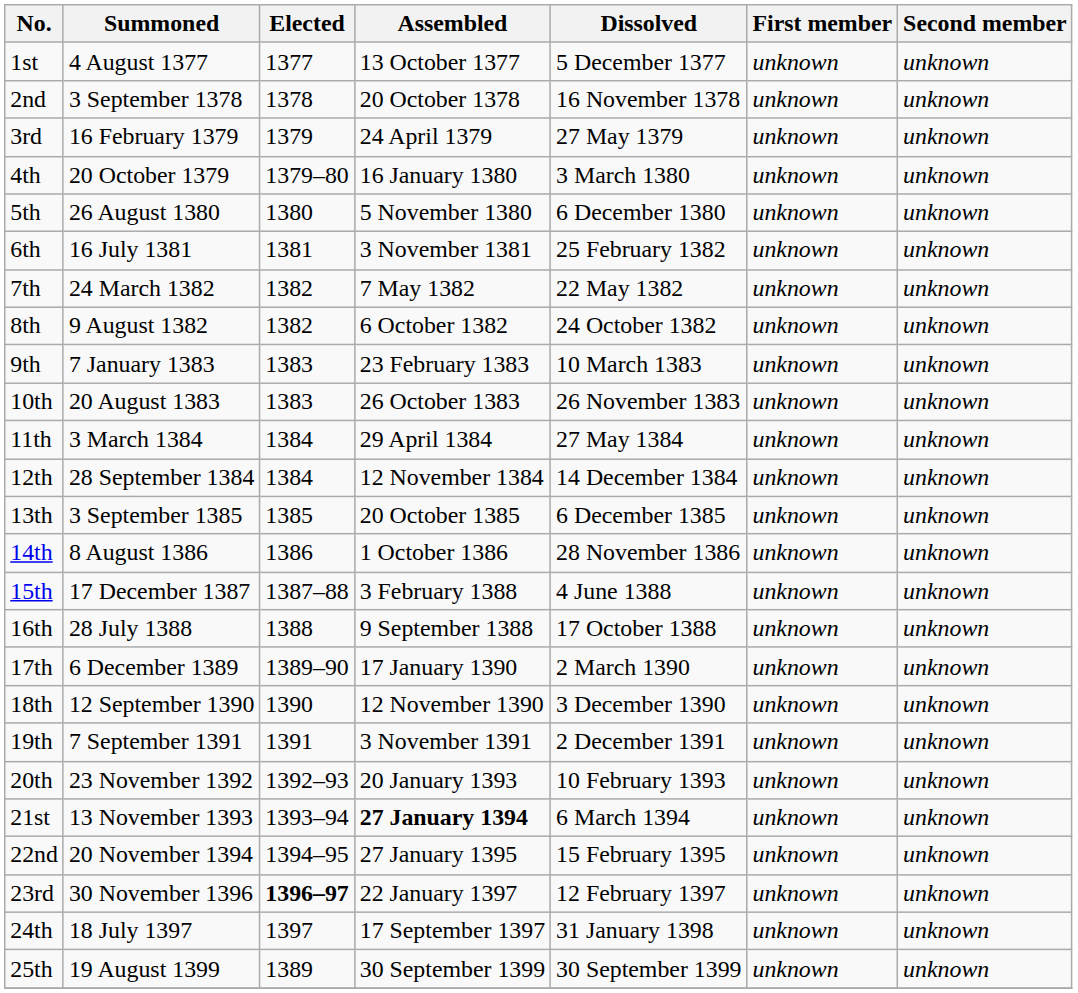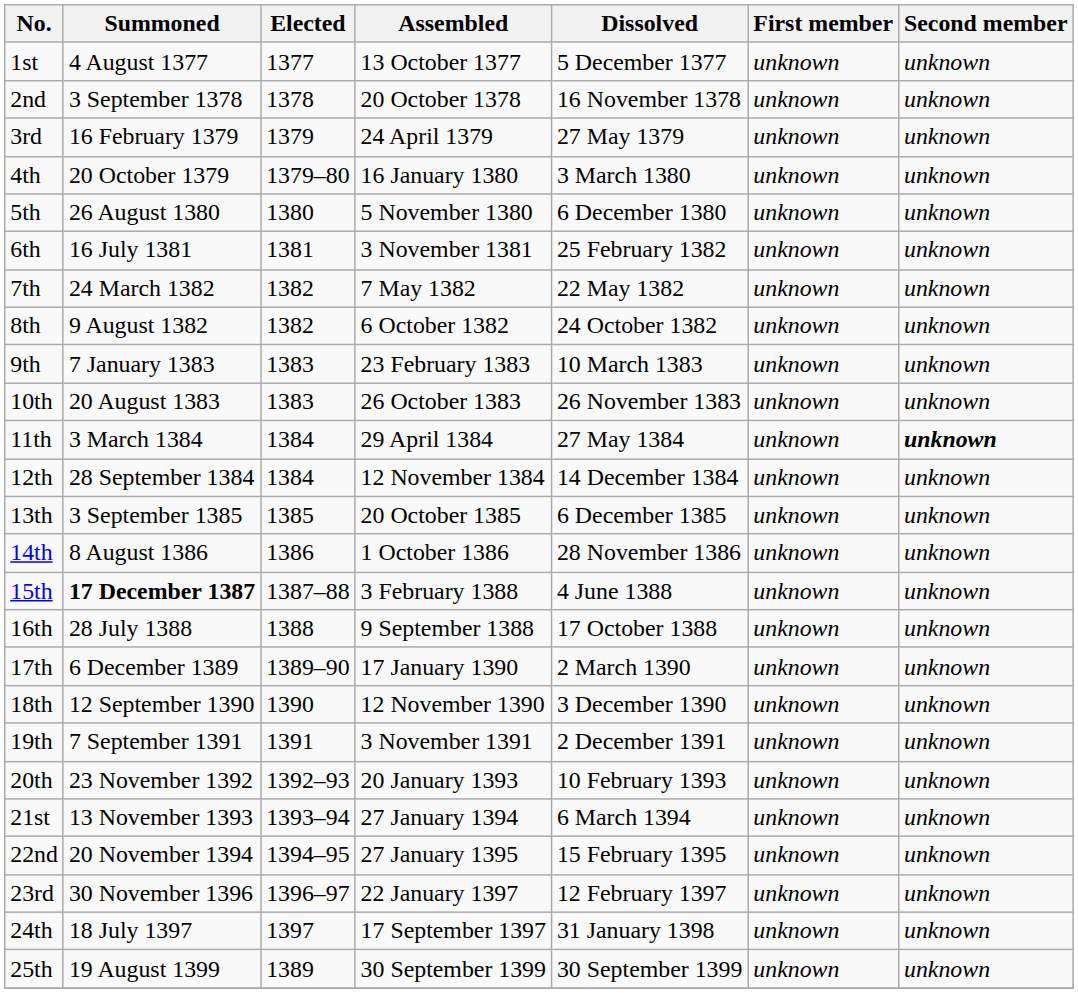 <table class="wikitable">
 <tr>
 <th>No.</th>
 <th>Summoned</th>
 <th>Elected</th>
 <th>Assembled</th>
 <th>Dissolved</th>
 <th>First member</th>
 <th>Second member</th>
 </tr>
 <tr>
 <td>1st</td>
 <td>4 August 1377</td>
 <td>1377</td>
 <td>13 October 1377</td>
 <td>5 December 1377</td>
 <td><em>unknown</em></td>
 <td><em>unknown</em></td>
 </tr>
 <tr>
 <td>2nd</td>
 <td>3 September 1378</td>
 <td>1378</td>
 <td>20 October 1378</td>
 <td>16 November 1378</td>
 <td><em>unknown</em></td>
 <td><em>unknown</em></td>
 </tr>
 <tr>
 <td>3rd</td>
 <td>16 February 1379</td>
 <td>1379</td>
 <td>24 April 1379</td>
 <td>27 May 1379</td>
 <td><em>unknown</em></td>
 <td><em>unknown</em></td>
 </tr>
 <tr>
 <td>4th</td>
 <td>20 October 1379</td>
 <td>1379–80</td>
 <td>16 January 1380</td>
 <td>3 March 1380</td>
 <td><em>unknown</em></td>
 <td><em>unknown</em></td>
 </tr>
 <tr>
 <td>5th</td>
 <td>26 August 1380</td>
 <td>1380</td>
 <td>5 November 1380</td>
 <td>6 December 1380</td>
 <td><em>unknown</em></td>
 <td><em>unknown</em></td>
 </tr>
 <tr>
 <td>6th</td>
 <td>16 July 1381</td>
 <td>1381</td>
 <td>3 November 1381</td>
 <td>25 February 1382</td>
 <td><em>unknown</em></td>
 <td><em>unknown</em></td>
 </tr>
 <tr>
 <td>7th</td>
 <td>24 March 1382</td>
 <td>1382</td>
 <td>7 May 1382</td>
 <td>22 May 1382</td>
 <td><em>unknown</em></td>
 <td><em>unknown</em></td>
 </tr>
 <tr>
 <td>8th</td>
 <td>9 August 1382</td>
 <td>1382</td>
 <td>6 October 1382</td>
 <td>24 October 1382</td>
 <td><em>unknown</em></td>
 <td><em>unknown</em></td>
 </tr>
 <tr>
 <td>9th</td>
 <td>7 January 1383</td>
 <td>1383</td>
 <td>23 February 1383</td>
 <td>10 March 1383</td>
 <td><em>unknown</em></td>
 <td><em>unknown</em></td>
 </tr>
 <tr>
 <td>10th</td>
 <td>20 August 1383</td>
 <td>1383</td>
 <td>26 October 1383</td>
 <td>26 November 1383</td>
 <td><em>unknown</em></td>
 <td><em>unknown</em></td>
 </tr>
 <tr>
 <td>11th</td>
 <td>3 March 1384</td>
 <td>1384</td>
 <td>29 April 1384</td>
 <td>27 May 1384</td>
 <td><em>unknown</em></td>
-<td><em>unknown</em></td>
+<td><strong><em>unknown</em></strong></td>
 </tr>
 <tr>
 <td>12th</td>
 <td>28 September 1384</td>
 <td>1384</td>
 <td>12 November 1384</td>
 <td>14 December 1384</td>
 <td><em>unknown</em></td>
 <td><em>unknown</em></td>
 </tr>
 <tr>
 <td>13th</td>
 <td>3 September 1385</td>
 <td>1385</td>
 <td>20 October 1385</td>
 <td>6 December 1385</td>
 <td><em>unknown</em></td>
 <td><em>unknown</em></td>
 </tr>
 <tr>
 <td><a href='#'>14th</a></td>
 <td>8 August 1386</td>
 <td>1386</td>
 <td>1 October 1386</td>
 <td>28 November 1386</td>
 <td><em>unknown</em></td>
 <td><em>unknown</em></td>
 </tr>
 <tr>
 <td><a href='#'>15th</a></td>
-<td>17 December 1387</td>
+<td><strong>17 December 1387</strong></td>
 <td>1387–88</td>
 <td>3 February 1388</td>
 <td>4 June 1388</td>
 <td><em>unknown</em></td>
 <td><em>unknown</em></td>
 </tr>
 <tr>
 <td>16th</td>
 <td>28 July 1388</td>
 <td>1388</td>
 <td>9 September 1388</td>
 <td>17 October 1388</td>
 <td><em>unknown</em></td>
 <td><em>unknown</em></td>
 </tr>
 <tr>
 <td>17th</td>
 <td>6 December 1389</td>
 <td>1389–90</td>
 <td>17 January 1390</td>
 <td>2 March 1390</td>
 <td><em>unknown</em></td>
 <td><em>unknown</em></td>
 </tr>
 <tr>
 <td>18th</td>
 <td>12 September 1390</td>
 <td>1390</td>
 <td>12 November 1390</td>
 <td>3 December 1390</td>
 <td><em>unknown</em></td>
 <td><em>unknown</em></td>
 </tr>
 <tr>
 <td>19th</td>
 <td>7 September 1391</td>
 <td>1391</td>
 <td>3 November 1391</td>
 <td>2 December 1391</td>
 <td><em>unknown</em></td>
 <td><em>unknown</em></td>
 </tr>
 <tr>
 <td>20th</td>
 <td>23 November 1392</td>
 <td>1392–93</td>
 <td>20 January 1393</td>
 <td>10 February 1393</td>
 <td><em>unknown</em></td>
 <td><em>unknown</em></td>
 </tr>
 <tr>
 <td>21st</td>
 <td>13 November 1393</td>
 <td>1393–94</td>
-<td><strong>27 January 1394</strong></td>
+<td>27 January 1394</td>
 <td>6 March 1394</td>
 <td><em>unknown</em></td>
 <td><em>unknown</em></td>
 </tr>
 <tr>
 <td>22nd</td>
 <td>20 November 1394</td>
 <td>1394–95</td>
 <td>27 January 1395</td>
 <td>15 February 1395</td>
 <td><em>unknown</em></td>
 <td><em>unknown</em></td>
 </tr>
 <tr>
 <td>23rd</td>
 <td>30 November 1396</td>
-<td><strong>1396–97</strong></td>
+<td>1396–97</td>
 <td>22 January 1397</td>
 <td>12 February 1397</td>
 <td><em>unknown</em></td>
 <td><em>unknown</em></td>
 </tr>
 <tr>
 <td>24th</td>
 <td>18 July 1397</td>
 <td>1397</td>
 <td>17 September 1397</td>
 <td>31 January 1398</td>
 <td><em>unknown</em></td>
 <td><em>unknown</em></td>
 </tr>
 <tr>
 <td>25th</td>
 <td>19 August 1399</td>
 <td>1389</td>
 <td>30 September 1399</td>
 <td>30 September 1399</td>
 <td><em>unknown</em></td>
 <td><em>unknown</em></td>
 </tr>
 <tr>
 </tr>
 </table>
